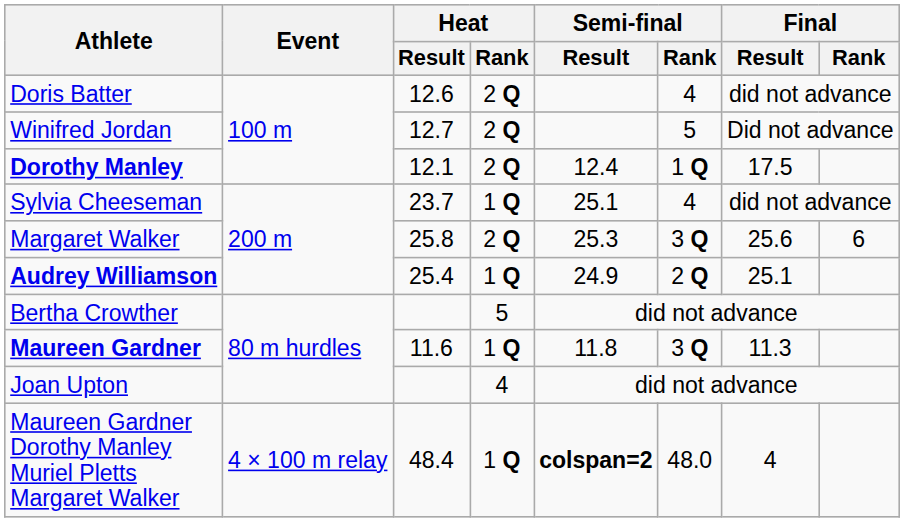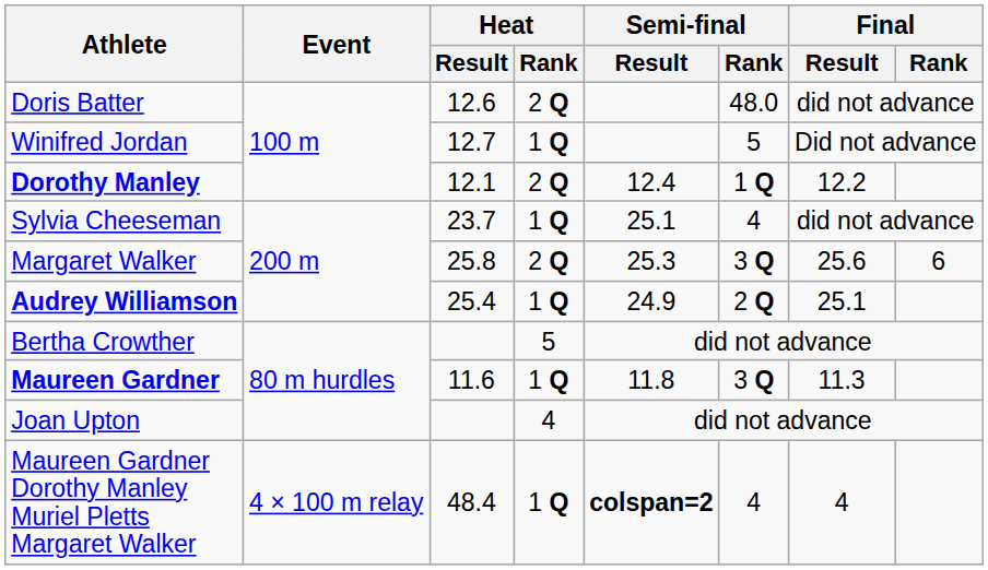 <table class=wikitable style=font-size:90%;text-align:center>
 <tr>
 <th rowspan=2>Athlete</th>
 <th rowspan=2>Event</th>
 <th colspan=2>Heat</th>
 <th colspan=2>Semi-final</th>
 <th colspan=2>Final</th>
 </tr>
 <tr style=font-size:95%>
 <th>Result</th>
 <th>Rank</th>
 <th>Result</th>
 <th>Rank</th>
 <th>Result</th>
 <th>Rank</th>
 </tr>
 <tr>
 <td align=left><a href='#'>Doris Batter</a></td>
 <td align=left rowspan=3><a href='#'>100 m</a></td>
 <td>12.6</td>
 <td>2 <strong>Q</strong></td>
 <td></td>
-<td>4</td>
+<td>48.0</td>
 <td colspan=2>did not advance</td>
 </tr>
 <tr>
 <td align=left><a href='#'>Winifred Jordan</a></td>
 <td>12.7</td>
-<td>2 <strong>Q</strong></td>
+<td>1 <strong>Q</strong></td>
 <td></td>
 <td>5</td>
 <td colspan=2>Did not advance</td>
 </tr>
 <tr>
 <td align=left><strong><a href='#'>Dorothy Manley</a></strong></td>
 <td>12.1</td>
 <td>2 <strong>Q</strong></td>
 <td>12.4</td>
 <td>1 <strong>Q</strong></td>
-<td>17.5</td>
+<td>12.2</td>
 <td></td>
 </tr>
 <tr>
 <td align=left><a href='#'>Sylvia Cheeseman</a></td>
 <td align=left rowspan=3><a href='#'>200 m</a></td>
 <td>23.7</td>
 <td>1 <strong>Q</strong></td>
 <td>25.1</td>
 <td>4</td>
 <td colspan=2>did not advance</td>
 </tr>
 <tr>
 <td align=left><a href='#'>Margaret Walker</a></td>
 <td>25.8</td>
 <td>2 <strong>Q</strong></td>
 <td>25.3</td>
 <td>3 <strong>Q</strong></td>
 <td>25.6</td>
 <td>6</td>
 </tr>
 <tr>
 <td align=left><strong><a href='#'>Audrey Williamson</a></strong></td>
 <td>25.4</td>
 <td>1 <strong>Q</strong></td>
 <td>24.9</td>
 <td>2 <strong>Q</strong></td>
 <td>25.1</td>
 <td></td>
 </tr>
 <tr>
 <td align=left><a href='#'>Bertha Crowther</a></td>
 <td align=left rowspan=3><a href='#'>80 m hurdles</a></td>
 <td></td>
 <td>5</td>
 <td colspan=4>did not advance</td>
 </tr>
 <tr>
 <td align=left><strong><a href='#'>Maureen Gardner</a></strong></td>
 <td>11.6</td>
 <td>1 <strong>Q</strong></td>
 <td>11.8</td>
 <td>3 <strong>Q</strong></td>
 <td>11.3</td>
 <td></td>
 </tr>
 <tr>
 <td align=left><a href='#'>Joan Upton</a></td>
 <td></td>
 <td>4</td>
 <td colspan=4>did not advance</td>
 </tr>
 <tr>
 <td align=left><a href='#'>Maureen Gardner</a><br><a href='#'>Dorothy Manley</a><br><a href='#'>Muriel Pletts</a><br><a href='#'>Margaret Walker</a></td>
 <td align=left><a href='#'>4 × 100 m relay</a></td>
 <td>48.4</td>
 <td>1 <strong>Q</strong></td>
 <td><strong>colspan=2 </strong></td>
-<td>48.0</td>
+<td>4</td>
 <td>4</td>
 </tr>
 </table>
